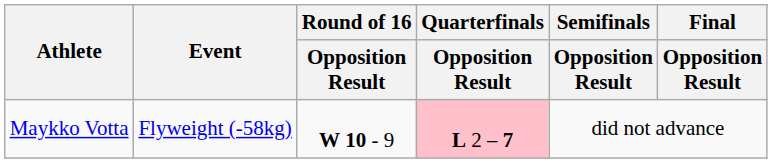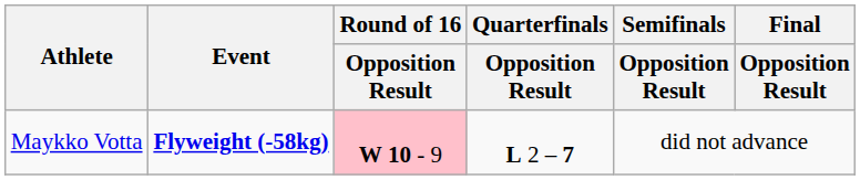 <table class="wikitable" style="font-size:90%">
 <tr>
 <th rowspan=2>Athlete</th>
 <th rowspan=2>Event</th>
 <th>Round of 16</th>
 <th>Quarterfinals</th>
 <th>Semifinals</th>
 <th>Final</th>
 </tr>
 <tr>
 <th>Opposition<br>Result</th>
 <th>Opposition<br>Result</th>
 <th>Opposition<br>Result</th>
 <th>Opposition<br>Result</th>
 </tr>
 <tr>
 <td><a href='#'>Maykko Votta</a></td>
-<td><a href='#'>Flyweight (-58kg)</a></td>
-<td align=center><br><strong>W</strong> <strong>10</strong> - 9</td>
-<td align=center style="background: pink;"><br><strong>L</strong> 2 – <strong>7</strong></td>
+<td><strong><a href='#'>Flyweight (-58kg)</a></strong></td>
+<td align=center style="background: pink;"><br><strong>W</strong> <strong>10</strong> - 9</td>
+<td align=center><br><strong>L</strong> 2 – <strong>7</strong></td>
 <td align=center colspan="7">did not advance</td>
 </tr>
 </table>
